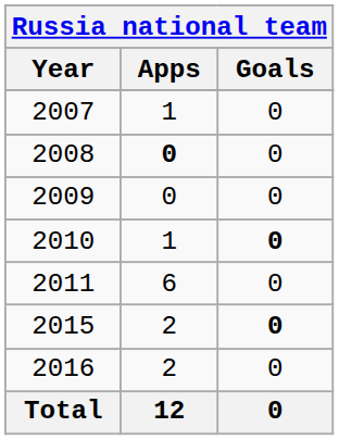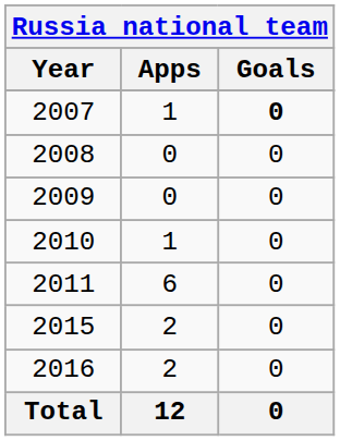 <table class="wikitable" style="text-align:center">
 <tr>
 <th colspan=3><a href='#'>Russia national team</a></th>
 </tr>
 <tr>
 <th>Year</th>
 <th>Apps</th>
 <th>Goals</th>
 </tr>
 <tr>
 </tr>
 <tr>
 <td>2007</td>
 <td>1</td>
-<td>0</td>
+<td><strong>0</strong></td>
 </tr>
 <tr>
 <td>2008</td>
-<td><strong>0</strong></td>
+<td>0</td>
 <td>0</td>
 </tr>
 <tr>
 <td>2009</td>
 <td>0</td>
 <td>0</td>
 </tr>
 <tr>
 <td>2010</td>
 <td>1</td>
-<td><strong>0</strong></td>
+<td>0</td>
 </tr>
 <tr>
 <td>2011</td>
 <td>6</td>
 <td>0</td>
 </tr>
 <tr>
 <td>2015</td>
 <td>2</td>
-<td><strong>0</strong></td>
+<td>0</td>
 </tr>
 <tr>
 <td>2016</td>
 <td>2</td>
 <td>0</td>
 </tr>
 <tr>
 <th>Total</th>
 <th>12</th>
 <th>0</th>
 </tr>
 </table>
